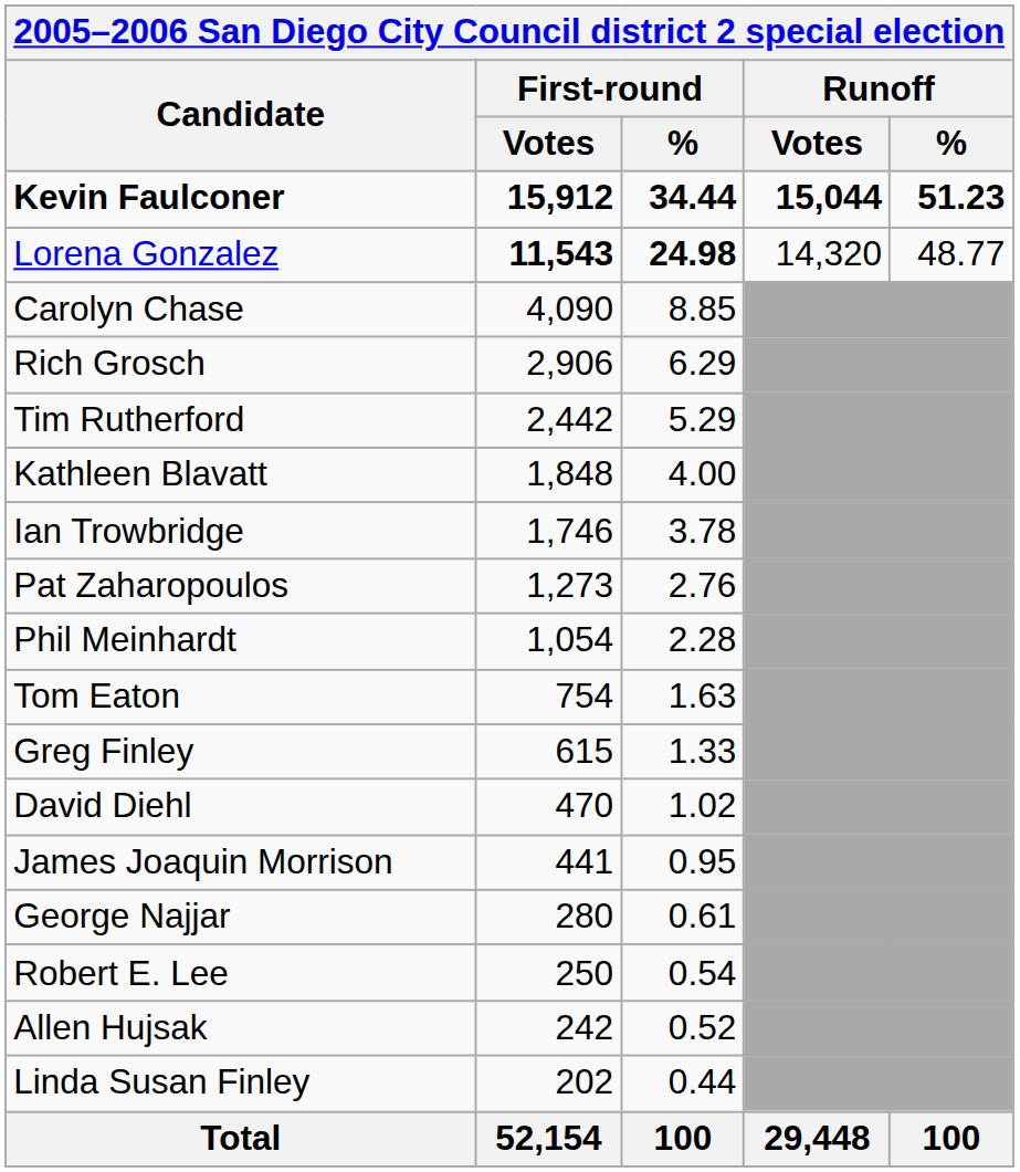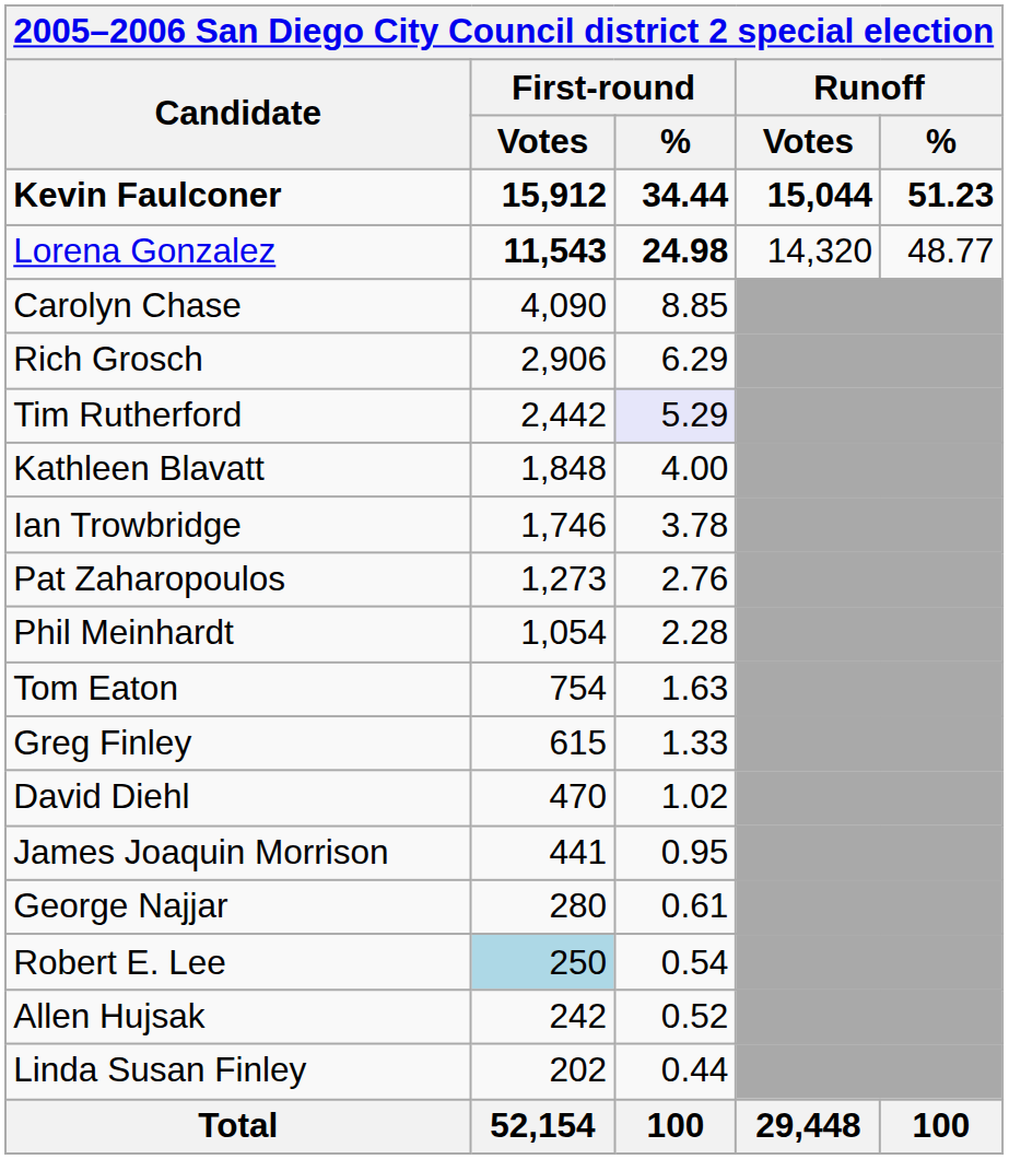 <table class=wikitable>
 <tr>
 <th colspan=5><a href='#'>2005–2006 San Diego City Council district 2 special election</a></th>
 </tr>
 <tr>
 <th colspan=1 rowspan=2>Candidate</th>
 <th colspan=2><strong>First-round</strong></th>
 <th colspan=2><strong>Runoff</strong></th>
 </tr>
 <tr>
 <th>Votes</th>
 <th>%</th>
 <th>Votes</th>
 <th>%</th>
 </tr>
 <tr>
 <td><strong>Kevin Faulconer</strong></td>
 <td align="right"><strong>15,912</strong></td>
 <td align="right"><strong>34.44</strong></td>
 <td align="right"><strong>15,044</strong></td>
 <td align="right"><strong>51.23</strong></td>
 </tr>
 <tr>
 <td><a href='#'>Lorena Gonzalez</a></td>
 <td align="right"><strong>11,543</strong></td>
 <td align="right"><strong>24.98</strong></td>
 <td align="right">14,320</td>
 <td align="right">48.77</td>
 </tr>
 <tr>
 <td>Carolyn Chase</td>
 <td align="right">4,090</td>
 <td align="right">8.85</td>
 <td colspan=2 bgcolor=darkgray></td>
 </tr>
 <tr>
 <td>Rich Grosch</td>
 <td align="right">2,906</td>
 <td align="right">6.29</td>
 <td colspan=2 bgcolor=darkgray></td>
 </tr>
 <tr>
 <td>Tim Rutherford</td>
 <td align="right">2,442</td>
-<td align="right">5.29</td>
+<td align="right" style="background: lavender;">5.29</td>
 <td colspan=2 bgcolor=darkgray></td>
 </tr>
 <tr>
 <td>Kathleen Blavatt</td>
 <td align="right">1,848</td>
 <td align="right">4.00</td>
 <td colspan=2 bgcolor=darkgray></td>
 </tr>
 <tr>
 <td>Ian Trowbridge</td>
 <td align="right">1,746</td>
 <td align="right">3.78</td>
 <td colspan=2 bgcolor=darkgray></td>
 </tr>
 <tr>
 <td>Pat Zaharopoulos</td>
 <td align="right">1,273</td>
 <td align="right">2.76</td>
 <td colspan=2 bgcolor=darkgray></td>
 </tr>
 <tr>
 <td>Phil Meinhardt</td>
 <td align="right">1,054</td>
 <td align="right">2.28</td>
 <td colspan=2 bgcolor=darkgray></td>
 </tr>
 <tr>
 <td>Tom Eaton</td>
 <td align="right">754</td>
 <td align="right">1.63</td>
 <td colspan=2 bgcolor=darkgray></td>
 </tr>
 <tr>
 <td>Greg Finley</td>
 <td align="right">615</td>
 <td align="right">1.33</td>
 <td colspan=2 bgcolor=darkgray></td>
 </tr>
 <tr>
 <td>David Diehl</td>
 <td align="right">470</td>
 <td align="right">1.02</td>
 <td colspan=2 bgcolor=darkgray></td>
 </tr>
 <tr>
 <td>James Joaquin Morrison</td>
 <td align="right">441</td>
 <td align="right">0.95</td>
 <td colspan=2 bgcolor=darkgray></td>
 </tr>
 <tr>
 <td>George Najjar</td>
 <td align="right">280</td>
 <td align="right">0.61</td>
 <td colspan=2 bgcolor=darkgray></td>
 </tr>
 <tr>
 <td>Robert E. Lee</td>
-<td align="right">250</td>
+<td align="right" style="background: lightblue;">250</td>
 <td align="right">0.54</td>
 <td colspan=2 bgcolor=darkgray></td>
 </tr>
 <tr>
 <td>Allen Hujsak</td>
 <td align="right">242</td>
 <td align="right">0.52</td>
 <td colspan=2 bgcolor=darkgray></td>
 </tr>
 <tr>
 <td>Linda Susan Finley</td>
 <td align="right">202</td>
 <td align="right">0.44</td>
 <td colspan=2 bgcolor=darkgray></td>
 </tr>
 <tr>
 <th>Total</th>
 <th>52,154</th>
 <th>100</th>
 <th>29,448</th>
 <th>100</th>
 </tr>
 </table>
